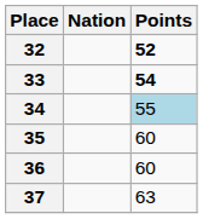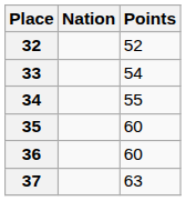 <table class="wikitable" style="font-size: 85%">
 <tr>
 <th>Place</th>
 <th>Nation</th>
 <th>Points</th>
 </tr>
 <tr>
 <th>32</th>
 <td></td>
-<td><strong>52</strong></td>
+<td>52</td>
 </tr>
 <tr>
 <th>33</th>
 <td></td>
-<td><strong>54</strong></td>
+<td>54</td>
 </tr>
 <tr>
 <th>34</th>
 <td></td>
-<td style="background: lightblue;">55</td>
+<td>55</td>
 </tr>
 <tr>
 <th>35</th>
 <td></td>
 <td>60</td>
 </tr>
 <tr>
 <th>36</th>
 <td></td>
 <td>60</td>
 </tr>
 <tr>
 <th>37</th>
 <td></td>
 <td>63</td>
 </tr>
 <tr>
 </tr>
 </table>
